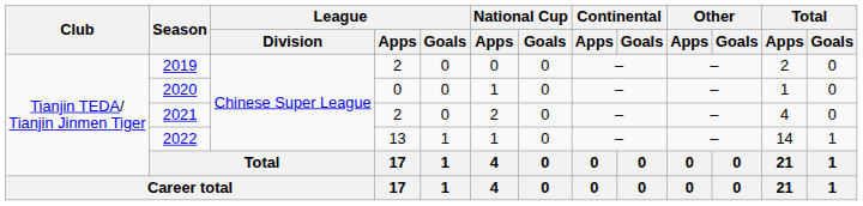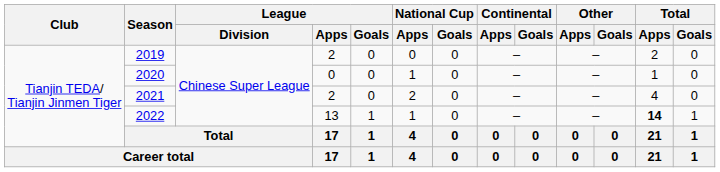 <table class="wikitable" style="text-align: center">
 <tr>
 <th rowspan="2">Club</th>
 <th rowspan="2">Season</th>
 <th colspan="3">League</th>
 <th colspan="2">National Cup</th>
 <th colspan="2">Continental</th>
 <th colspan="2">Other</th>
 <th colspan="2">Total</th>
 </tr>
 <tr>
 <th>Division</th>
 <th>Apps</th>
 <th>Goals</th>
 <th>Apps</th>
 <th>Goals</th>
 <th>Apps</th>
 <th>Goals</th>
 <th>Apps</th>
 <th>Goals</th>
 <th>Apps</th>
 <th>Goals</th>
 </tr>
 <tr>
 <td rowspan=5><a href='#'>Tianjin TEDA</a>/<br><a href='#'>Tianjin Jinmen Tiger</a></td>
 <td><a href='#'>2019</a></td>
 <td rowspan=4><a href='#'>Chinese Super League</a></td>
 <td>2</td>
 <td>0</td>
 <td>0</td>
 <td>0</td>
 <td colspan="2">–</td>
 <td colspan="2">–</td>
 <td>2</td>
 <td>0</td>
 </tr>
 <tr>
 <td><a href='#'>2020</a></td>
 <td>0</td>
 <td>0</td>
 <td>1</td>
 <td>0</td>
 <td colspan="2">–</td>
 <td colspan="2">–</td>
 <td>1</td>
 <td>0</td>
 </tr>
 <tr>
 <td><a href='#'>2021</a></td>
 <td>2</td>
 <td>0</td>
 <td>2</td>
 <td>0</td>
 <td colspan="2">–</td>
 <td colspan="2">–</td>
 <td>4</td>
 <td>0</td>
 </tr>
 <tr>
 <td><a href='#'>2022</a></td>
 <td>13</td>
 <td>1</td>
 <td>1</td>
 <td>0</td>
 <td colspan="2">–</td>
 <td colspan="2">–</td>
-<td>14</td>
+<td><strong>14</strong></td>
 <td>1</td>
 </tr>
 <tr>
 <th colspan=2>Total</th>
 <th>17</th>
 <th>1</th>
 <th>4</th>
 <th>0</th>
 <th>0</th>
 <th>0</th>
 <th>0</th>
 <th>0</th>
 <th>21</th>
 <th>1</th>
 </tr>
 <tr>
 <th colspan=3>Career total</th>
 <th>17</th>
 <th>1</th>
 <th>4</th>
 <th>0</th>
 <th>0</th>
 <th>0</th>
 <th>0</th>
 <th>0</th>
 <th>21</th>
 <th>1</th>
 </tr>
 </table>
